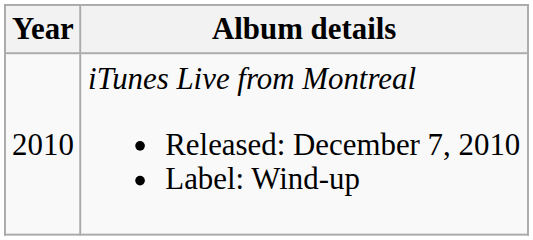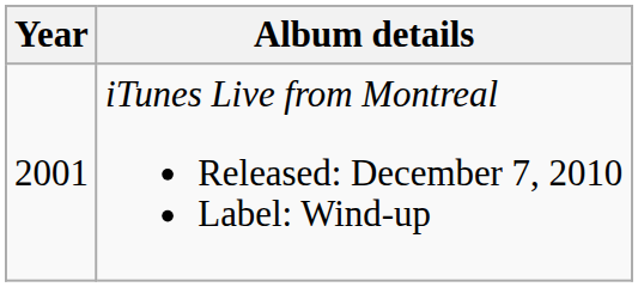 <table class="wikitable">
 <tr>
 <th>Year</th>
 <th>Album details</th>
 </tr>
 <tr>
-<td>2010</td>
+<td>2001</td>
 <td><em>iTunes Live from Montreal</em><br><ul><li>Released: December 7, 2010</li><li>Label: Wind-up</li></ul></td>
 </tr>
 </table>
